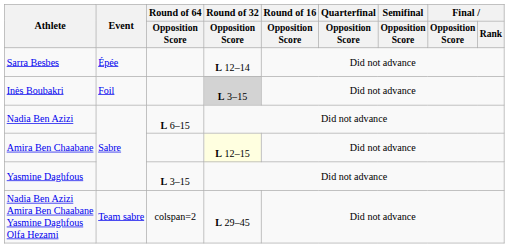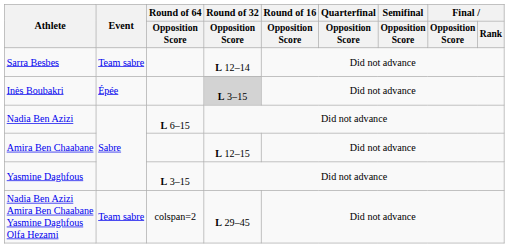 <table class="wikitable" style="font-size:90%">
 <tr>
 <th rowspan="2">Athlete</th>
 <th rowspan="2">Event</th>
 <th>Round of 64</th>
 <th>Round of 32</th>
 <th>Round of 16</th>
 <th>Quarterfinal</th>
 <th>Semifinal</th>
 <th colspan=2>Final / </th>
 </tr>
 <tr style="font-size:95%">
 <th>Opposition <br> Score</th>
 <th>Opposition <br> Score</th>
 <th>Opposition <br> Score</th>
 <th>Opposition <br> Score</th>
 <th>Opposition <br> Score</th>
 <th>Opposition <br> Score</th>
 <th>Rank</th>
 </tr>
 <tr align=center>
 <td align=left><a href='#'>Sarra Besbes</a></td>
-<td align=left><a href='#'>Épée</a></td>
+<td align=left><a href='#'>Team sabre</a></td>
 <td></td>
 <td><br><strong>L</strong> 12–14</td>
 <td colspan=5>Did not advance</td>
 </tr>
 <tr align=center>
 <td align=left><a href='#'>Inès Boubakri</a></td>
-<td align=left><a href='#'>Foil</a></td>
+<td align=left><a href='#'>Épée</a></td>
 <td></td>
 <td style="background: lightgrey;"><br><strong>L</strong> 3–15</td>
 <td colspan=5>Did not advance</td>
 </tr>
 <tr align=center>
 <td align=left><a href='#'>Nadia Ben Azizi</a></td>
 <td align=left rowspan=3><a href='#'>Sabre</a></td>
 <td><br><strong>L</strong> 6–15</td>
 <td colspan=6>Did not advance</td>
 </tr>
 <tr align=center>
 <td align=left><a href='#'>Amira Ben Chaabane</a></td>
 <td></td>
-<td style="background: lightyellow;"><br><strong>L</strong> 12–15</td>
+<td><br><strong>L</strong> 12–15</td>
 <td colspan=5>Did not advance</td>
 </tr>
 <tr align=center>
 <td align=left><a href='#'>Yasmine Daghfous</a></td>
 <td><br><strong>L</strong> 3–15</td>
 <td colspan=6>Did not advance</td>
 </tr>
 <tr align=center>
 <td align=left><a href='#'>Nadia Ben Azizi</a><br><a href='#'>Amira Ben Chaabane</a><br><a href='#'>Yasmine Daghfous</a><br><a href='#'>Olfa Hezami</a></td>
 <td align=left><a href='#'>Team sabre</a></td>
 <td>colspan=2</td>
 <td><br><strong>L</strong> 29–45</td>
 <td colspan=5>Did not advance</td>
 </tr>
 </table>
